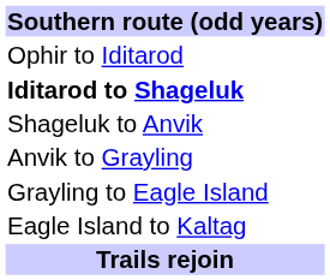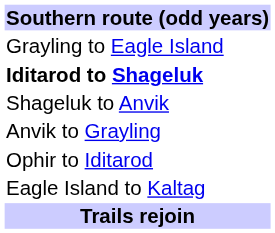 <table class="toccolours" style="float:right; margin:0 .4em; font-size:95%">
 <tr>
 <th style="text-align:center; background:#ccf;">Southern route (odd years)</th>
 </tr>
 <tr>
-<td>Ophir to <a href='#'>Iditarod</a> </td>
+<td>Grayling to <a href='#'>Eagle Island</a> </td>
 </tr>
 <tr>
 <td><strong>Iditarod to <a href='#'>Shageluk</a> </strong></td>
 </tr>
 <tr>
 <td>Shageluk to <a href='#'>Anvik</a> </td>
 </tr>
 <tr>
 <td>Anvik to <a href='#'>Grayling</a> </td>
 </tr>
 <tr>
-<td>Grayling to <a href='#'>Eagle Island</a> </td>
+<td>Ophir to <a href='#'>Iditarod</a> </td>
 </tr>
 <tr>
 <td>Eagle Island to <a href='#'>Kaltag</a> </td>
 </tr>
 <tr>
 <th style="text-align:center; background:#ccf;">Trails rejoin</th>
 </tr>
 </table>
